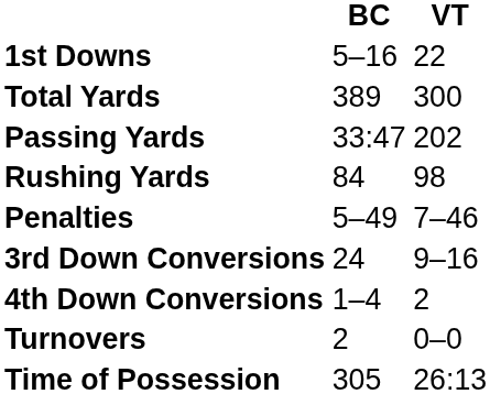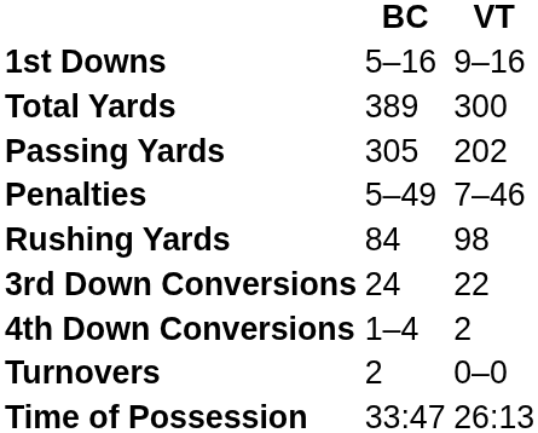 <table class="wikitabl">
 <tr>
 <th></th>
 <th>BC</th>
 <th>VT</th>
 </tr>
 <tr>
 <td><strong>1st Downs</strong></td>
 <td>5–16</td>
-<td>22</td>
+<td>9–16</td>
 </tr>
 <tr>
 <td><strong>Total Yards</strong></td>
 <td>389</td>
 <td>300</td>
 </tr>
 <tr>
 <td><strong>Passing Yards</strong></td>
-<td>33:47</td>
+<td>305</td>
 <td>202</td>
+</tr>
+<tr>
+<td><strong>Penalties</strong></td>
+<td>5–49</td>
+<td>7–46</td>
 </tr>
 <tr>
 <td><strong>Rushing Yards</strong></td>
 <td>84</td>
 <td>98</td>
 </tr>
 <tr>
-<td><strong>Penalties</strong></td>
-<td>5–49</td>
-<td>7–46</td>
-</tr>
-<tr>
 <td><strong>3rd Down Conversions</strong></td>
 <td>24</td>
-<td>9–16</td>
+<td>22</td>
 </tr>
 <tr>
 <td><strong>4th Down Conversions</strong></td>
 <td>1–4</td>
 <td>2</td>
 </tr>
 <tr>
 <td><strong>Turnovers</strong></td>
 <td>2</td>
 <td>0–0</td>
 </tr>
 <tr>
 <td><strong>Time of Possession</strong></td>
-<td>305</td>
+<td>33:47</td>
 <td>26:13</td>
 </tr>
 </table>
